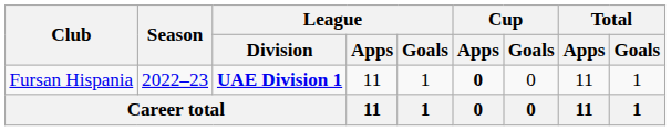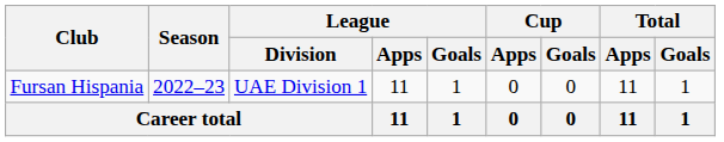 <table class=wikitable style=text-align:center>
 <tr>
 <th rowspan=2>Club</th>
 <th rowspan=2>Season</th>
 <th colspan=3>League</th>
 <th colspan=2>Cup</th>
 <th colspan=2>Total</th>
 </tr>
 <tr>
 <th>Division</th>
 <th>Apps</th>
 <th>Goals</th>
 <th>Apps</th>
 <th>Goals</th>
 <th>Apps</th>
 <th>Goals</th>
 </tr>
 <tr>
 <td><a href='#'>Fursan Hispania</a></td>
 <td><a href='#'>2022–23</a></td>
-<td><strong><a href='#'>UAE Division 1</a></strong></td>
+<td><a href='#'>UAE Division 1</a></td>
 <td>11</td>
 <td>1</td>
-<td><strong>0</strong></td>
+<td>0</td>
 <td>0</td>
 <td>11</td>
 <td>1</td>
 </tr>
 <tr>
 <th colspan=3>Career total</th>
 <th>11</th>
 <th>1</th>
 <th>0</th>
 <th>0</th>
 <th 0>11</th>
 <th>1</th>
 </tr>
 </table>
